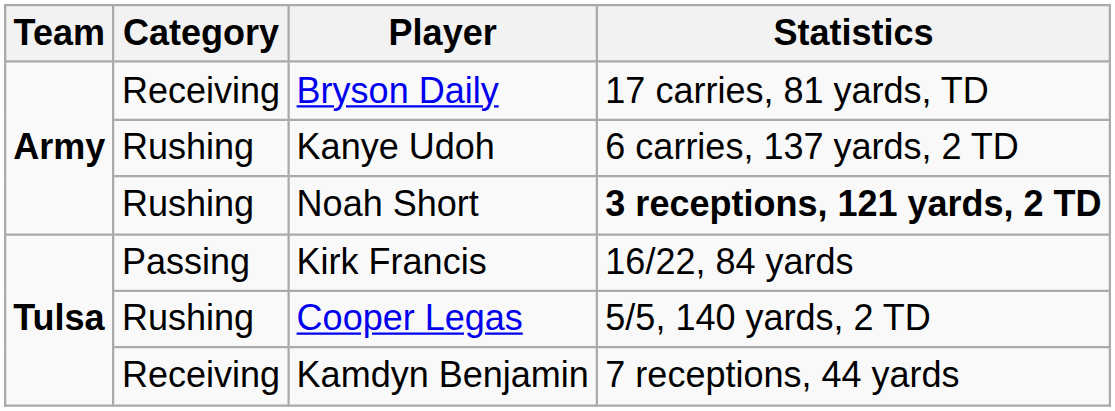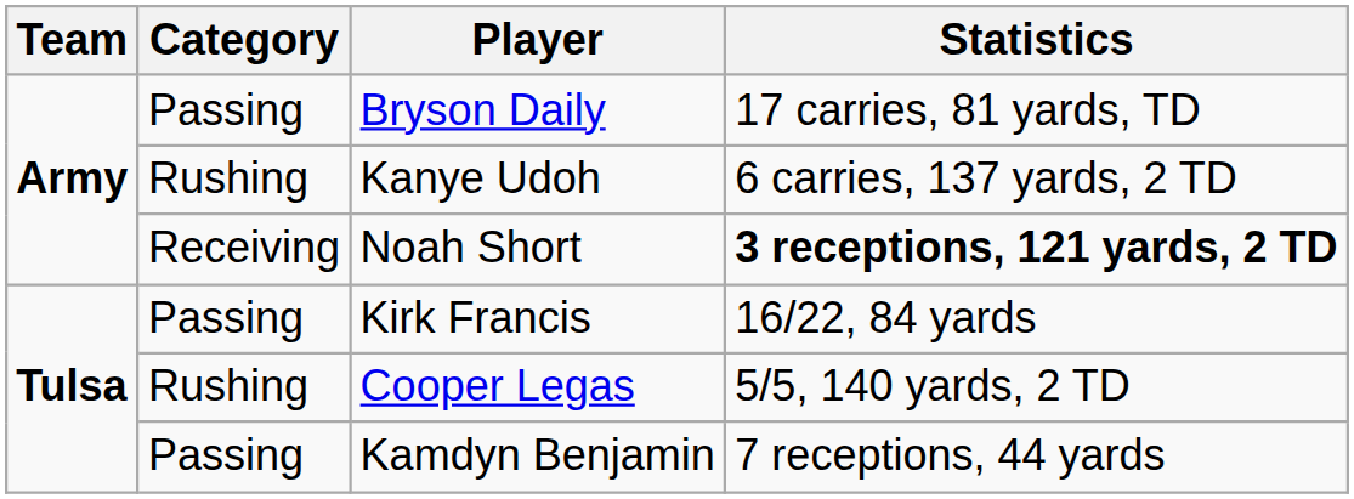 <table class="wikitable" style="float: right;">
 <tr>
 <th>Team</th>
 <th>Category</th>
 <th>Player</th>
 <th>Statistics</th>
 </tr>
 <tr>
 <td rowspan=3><strong>Army</strong></td>
-<td>Receiving</td>
+<td>Passing</td>
 <td><a href='#'>Bryson Daily</a></td>
 <td>17 carries, 81 yards, TD</td>
 </tr>
 <tr>
 <td>Rushing</td>
 <td>Kanye Udoh</td>
 <td>6 carries, 137 yards, 2 TD</td>
 </tr>
 <tr>
-<td>Rushing</td>
+<td>Receiving</td>
 <td>Noah Short</td>
 <td><strong>3 receptions, 121 yards, 2 TD</strong></td>
 </tr>
 <tr>
 <td rowspan=3><strong>Tulsa</strong></td>
 <td>Passing</td>
 <td>Kirk Francis</td>
 <td>16/22, 84 yards</td>
 </tr>
 <tr>
 <td>Rushing</td>
 <td><a href='#'>Cooper Legas</a></td>
 <td>5/5, 140 yards, 2 TD</td>
 </tr>
 <tr>
-<td>Receiving</td>
+<td>Passing</td>
 <td>Kamdyn Benjamin</td>
 <td>7 receptions, 44 yards</td>
 </tr>
 </table>
